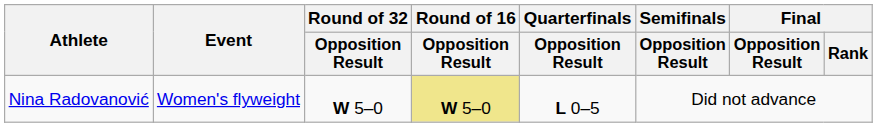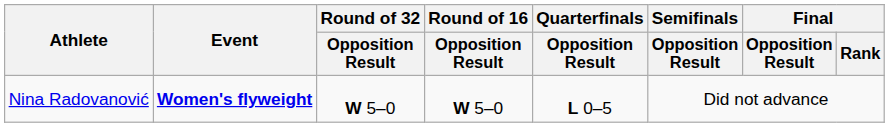 <table class="wikitable" style="font-size:90%">
 <tr>
 <th rowspan="2">Athlete</th>
 <th rowspan="2">Event</th>
 <th>Round of 32</th>
 <th>Round of 16</th>
 <th>Quarterfinals</th>
 <th>Semifinals</th>
 <th colspan=2>Final</th>
 </tr>
 <tr style="font-size:95%">
 <th>Opposition<br>Result</th>
 <th>Opposition<br>Result</th>
 <th>Opposition<br>Result</th>
 <th>Opposition<br>Result</th>
 <th>Opposition<br>Result</th>
 <th>Rank</th>
 </tr>
 <tr align=center>
 <td align=left><a href='#'>Nina Radovanović</a></td>
-<td align=left><a href='#'>Women's flyweight</a></td>
+<td align=left><strong><a href='#'>Women's flyweight</a></strong></td>
 <td><br><strong>W</strong> 5–0</td>
-<td style="background: khaki;"><br><strong>W</strong> 5–0</td>
+<td><br><strong>W</strong> 5–0</td>
 <td><br><strong>L</strong> 0–5</td>
 <td colspan=3>Did not advance</td>
 </tr>
 </table>
